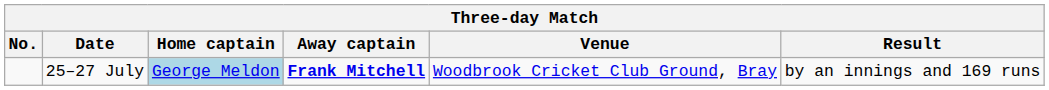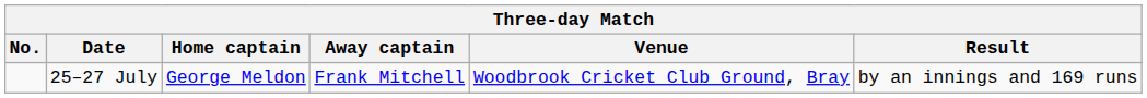 <table class="wikitable">
 <tr>
 <th colspan="9">Three-day Match</th>
 </tr>
 <tr>
 <th>No.</th>
 <th>Date</th>
 <th>Home captain</th>
 <th>Away captain</th>
 <th>Venue</th>
 <th>Result</th>
 </tr>
 <tr>
 <td></td>
 <td>25–27 July</td>
-<td style="background: lightblue;"><a href='#'>George Meldon</a></td>
-<td><strong><a href='#'>Frank Mitchell</a></strong></td>
+<td><a href='#'>George Meldon</a></td>
+<td><a href='#'>Frank Mitchell</a></td>
 <td><a href='#'>Woodbrook Cricket Club Ground</a>, <a href='#'>Bray</a></td>
 <td> by an innings and 169 runs</td>
 </tr>
 </table>
